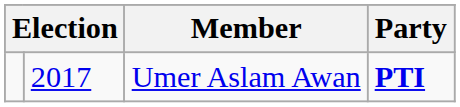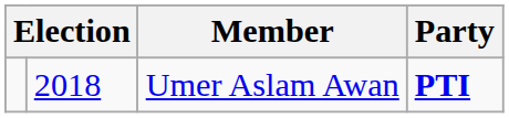 <table class="wikitable">
 <tr>
 <th colspan="2">Election</th>
 <th>Member</th>
 <th>Party</th>
 </tr>
 <tr>
 <td style="background-color: "></td>
-<td><a href='#'>2017</a></td>
+<td><a href='#'>2018</a></td>
 <td><a href='#'>Umer Aslam Awan</a></td>
 <td><strong><a href='#'>PTI</a></strong></td>
 </tr>
 </table>
